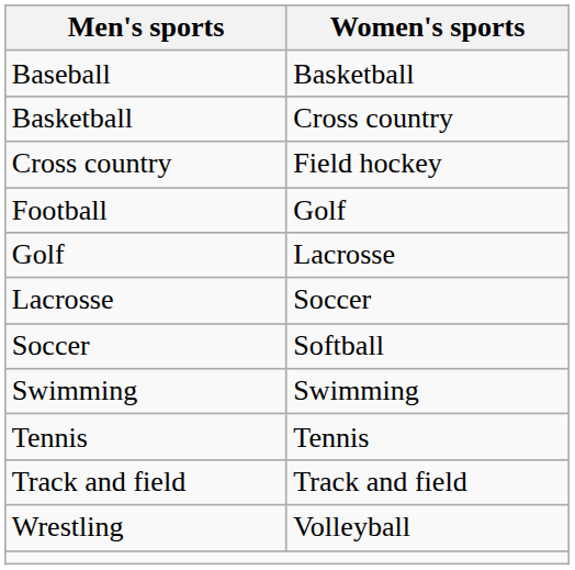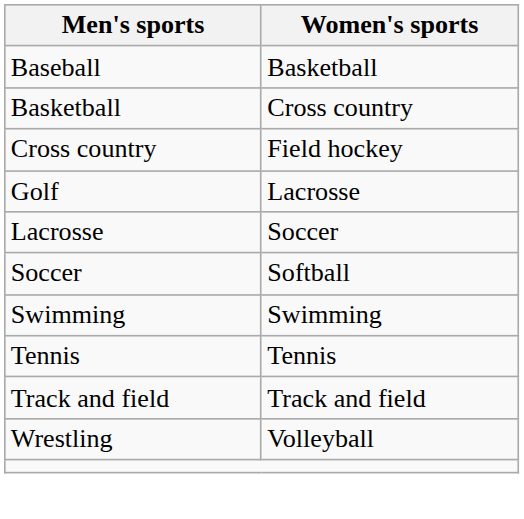 <table class= wikitable>
 <tr>
 <th width=150px>Men's sports</th>
 <th width=150px>Women's sports</th>
 </tr>
 <tr>
 <td>Baseball</td>
 <td>Basketball</td>
 </tr>
 <tr>
 <td>Basketball</td>
 <td>Cross country</td>
 </tr>
 <tr>
 <td>Cross country</td>
 <td>Field hockey</td>
-</tr>
-<tr>
-<td>Football</td>
-<td>Golf</td>
 </tr>
 <tr>
 <td>Golf</td>
 <td>Lacrosse</td>
 </tr>
 <tr>
 <td>Lacrosse</td>
 <td>Soccer</td>
 </tr>
 <tr>
 <td>Soccer</td>
 <td>Softball</td>
 </tr>
 <tr>
 <td>Swimming</td>
 <td>Swimming</td>
 </tr>
 <tr>
 <td>Tennis</td>
 <td>Tennis</td>
 </tr>
 <tr>
 <td>Track and field</td>
 <td>Track and field</td>
 </tr>
 <tr>
 <td>Wrestling</td>
 <td>Volleyball</td>
 </tr>
 <tr>
 <td colspan=2></td>
 </tr>
 </table>
